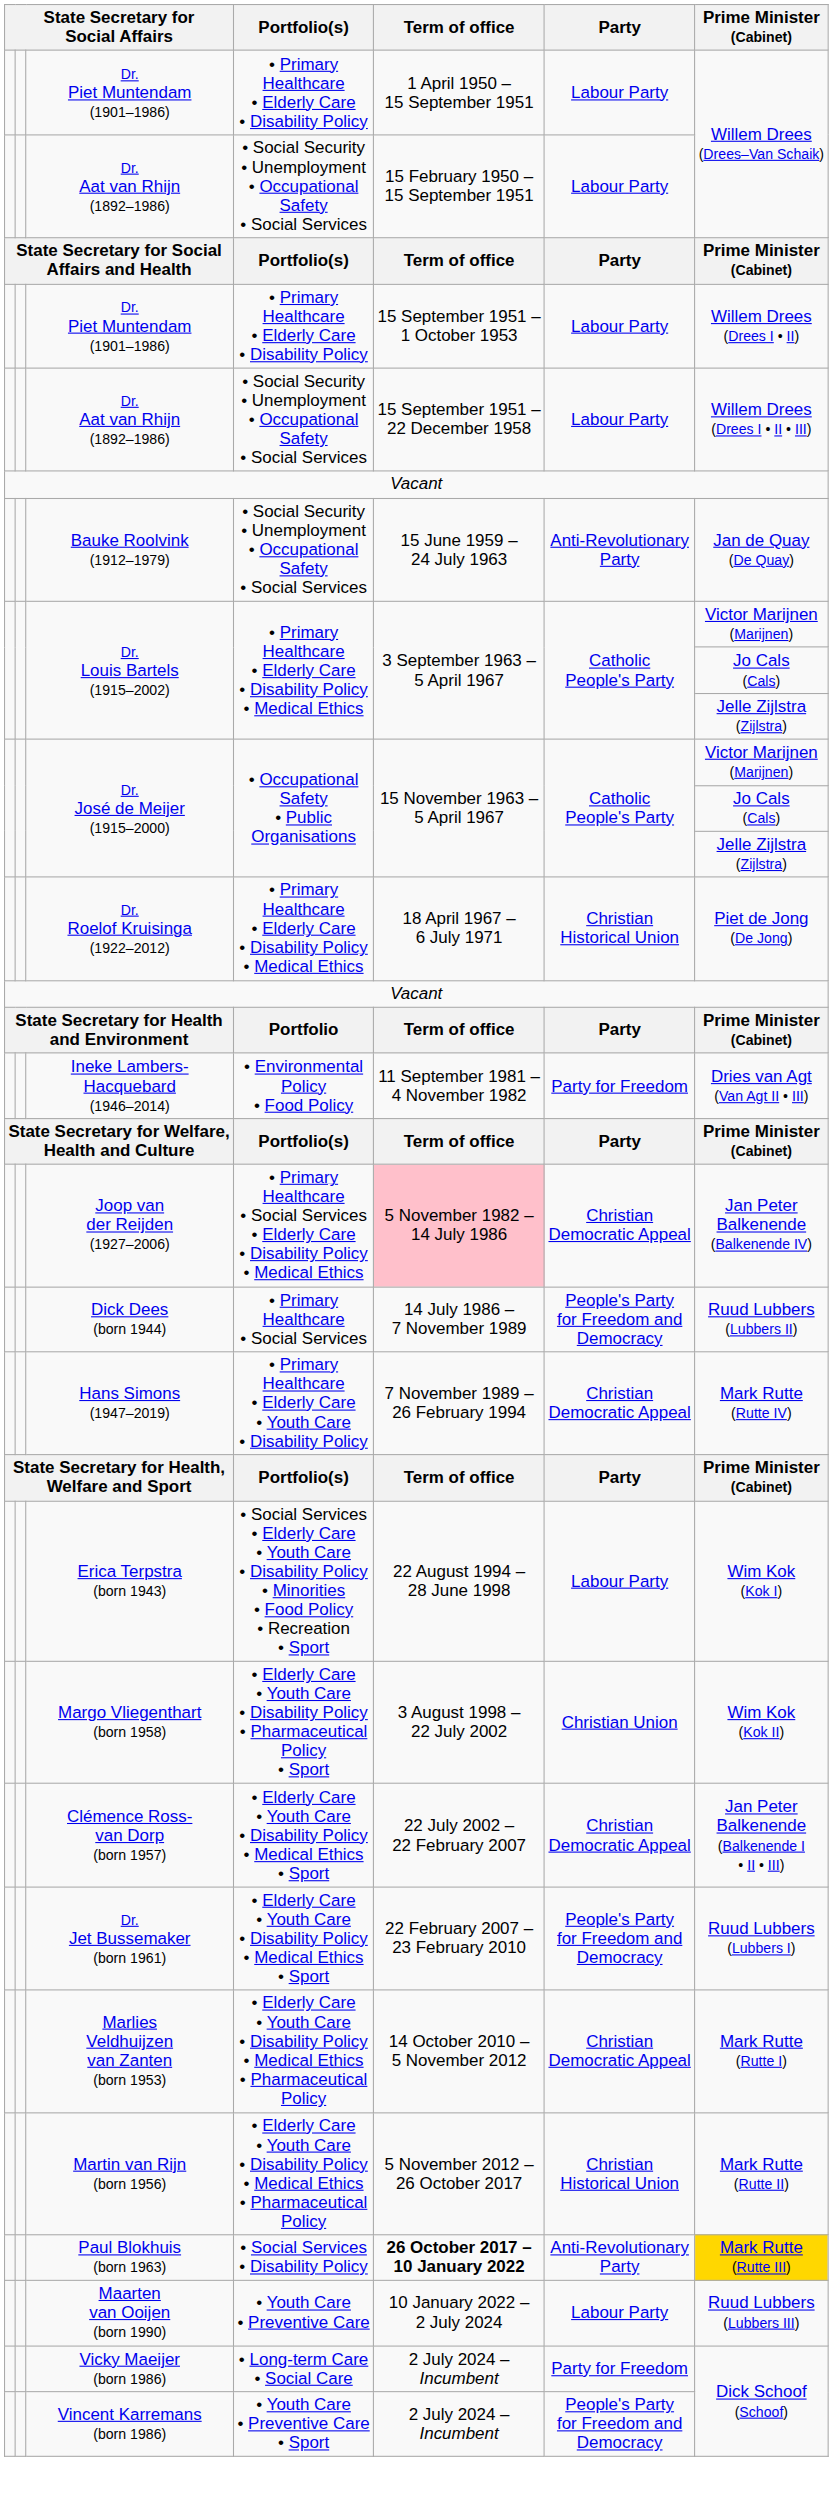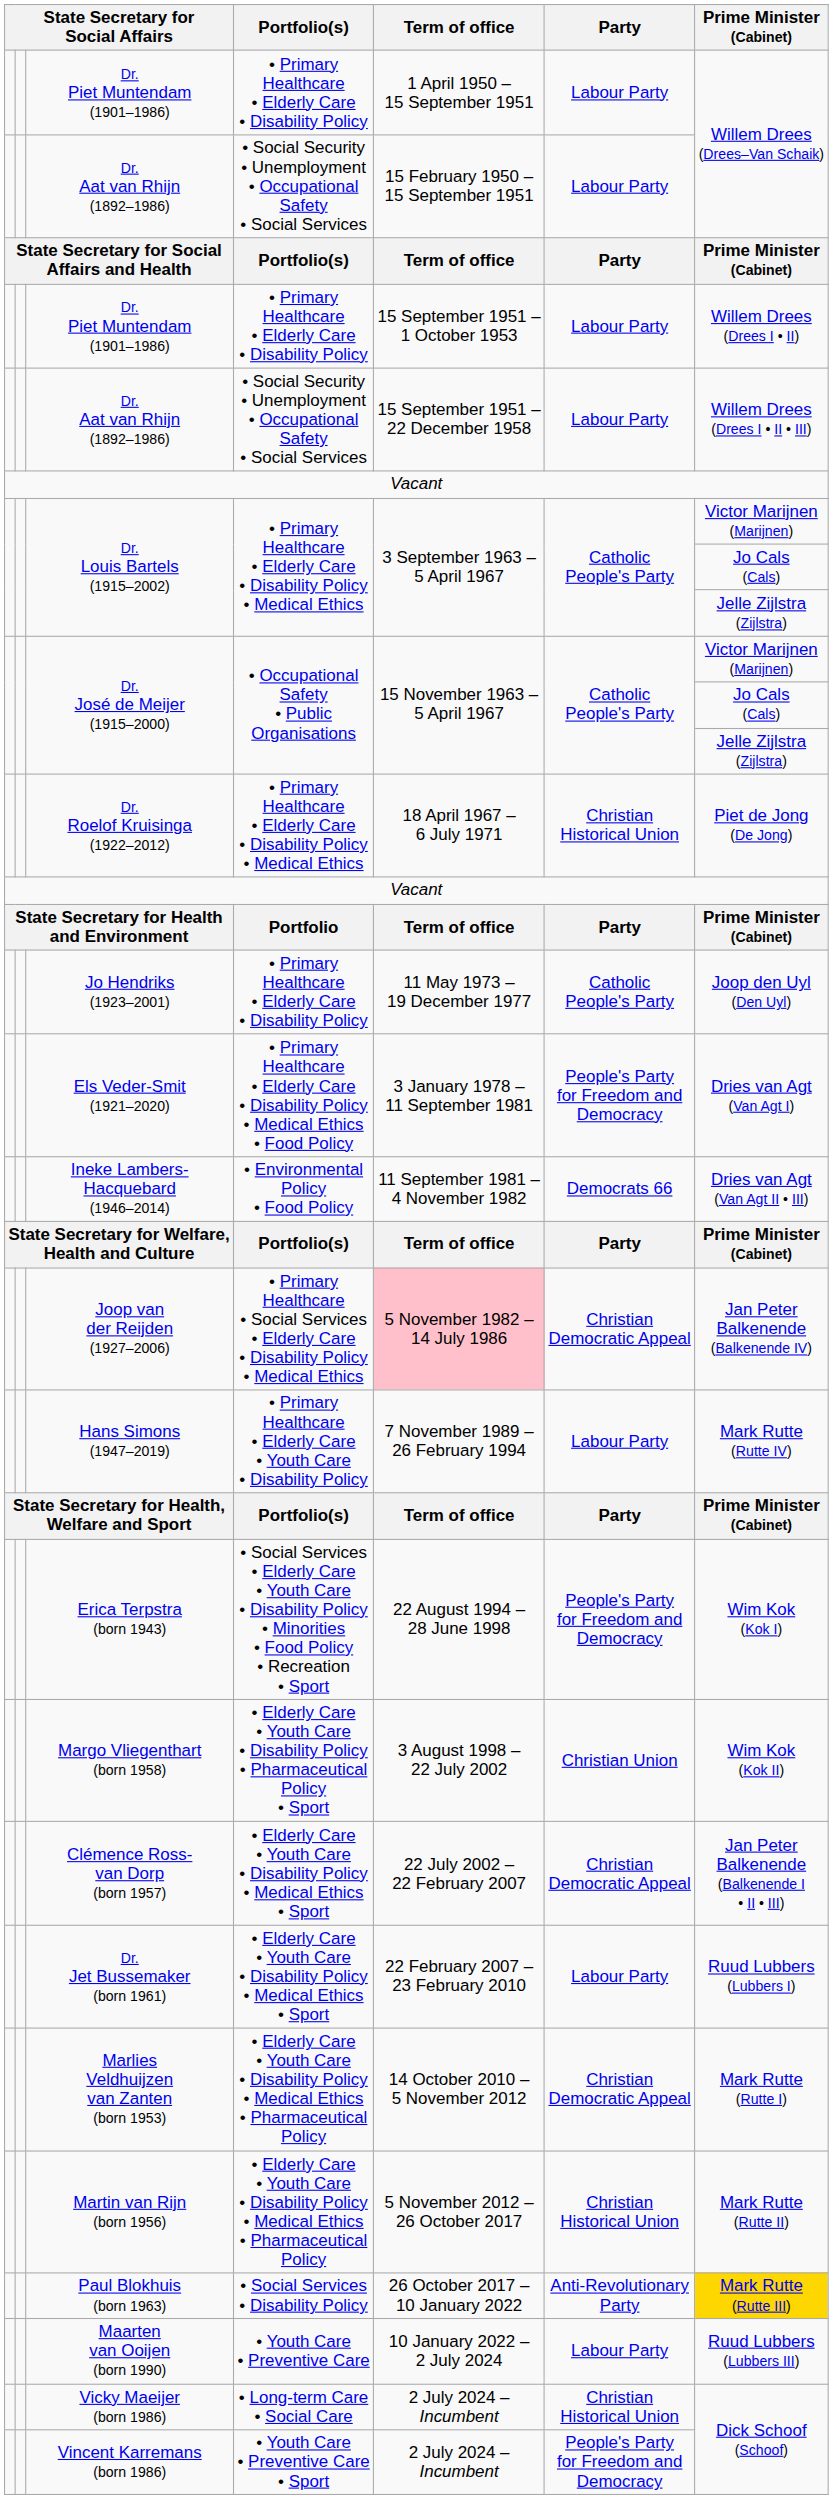 <table class="wikitable" style="text-align:center">
 <tr>
 <th colspan=3>State Secretary for <br> Social Affairs</th>
 <th>Portfolio(s)</th>
 <th>Term of office</th>
 <th>Party</th>
 <th>Prime Minister <br> <small>(Cabinet)</small></th>
 </tr>
 <tr>
 <td style="background:"></td>
 <td></td>
 <td><small><a href='#'>Dr.</a></small> <br> <a href='#'>Piet Muntendam</a> <br> <small>(1901–1986)</small></td>
 <td>• <a href='#'>Primary <br> Healthcare</a> <br> • <a href='#'>Elderly Care</a> <br> • <a href='#'>Disability Policy</a></td>
 <td>1 April 1950 – <br> 15 September 1951</td>
 <td><a href='#'>Labour Party</a></td>
 <td rowspan=2><a href='#'>Willem Drees</a> <br> <small>(<a href='#'>Drees–Van Schaik</a>)</small> <br></td>
 </tr>
 <tr>
 <td style="background:"></td>
 <td></td>
 <td><small><a href='#'>Dr.</a></small> <br> <a href='#'>Aat van Rhijn</a> <br> <small>(1892–1986)</small></td>
 <td>• Social Security <br> • Unemployment <br> • <a href='#'>Occupational <br> Safety</a> <br> • Social Services</td>
 <td>15 February 1950 – <br> 15 September 1951</td>
 <td><a href='#'>Labour Party</a></td>
 </tr>
 <tr>
 <th colspan=3>State Secretary for Social <br> Affairs and Health</th>
 <th>Portfolio(s)</th>
 <th>Term of office</th>
 <th>Party</th>
 <th>Prime Minister <br> <small>(Cabinet)</small></th>
 </tr>
 <tr>
 <td style="background:"></td>
 <td></td>
 <td><small><a href='#'>Dr.</a></small> <br> <a href='#'>Piet Muntendam</a> <br> <small>(1901–1986)</small></td>
 <td>• <a href='#'>Primary <br> Healthcare</a> <br> • <a href='#'>Elderly Care</a> <br> • <a href='#'>Disability Policy</a></td>
 <td>15 September 1951 – <br> 1 October 1953 <br> </td>
 <td><a href='#'>Labour Party</a></td>
 <td><a href='#'>Willem Drees</a> <br> <small>(<a href='#'>Drees I</a> • <a href='#'>II</a>) <br></small></td>
 </tr>
 <tr>
 <td style="background:"></td>
 <td></td>
 <td><small><a href='#'>Dr.</a></small> <br> <a href='#'>Aat van Rhijn</a> <br> <small>(1892–1986)</small></td>
 <td>• Social Security <br> • Unemployment <br> • <a href='#'>Occupational <br> Safety</a> <br> • Social Services</td>
 <td>15 September 1951 – <br> 22 December 1958</td>
 <td><a href='#'>Labour Party</a></td>
 <td><a href='#'>Willem Drees</a> <br> <small>(<a href='#'>Drees I</a> • <a href='#'>II</a> • <a href='#'>III</a>)</small> <br></td>
 </tr>
 <tr>
 <td colspan=7><em>Vacant</em></td>
 </tr>
 <tr>
-<td style="background:"></td>
-<td></td>
-<td><a href='#'>Bauke Roolvink</a> <br> <small>(1912–1979)</small></td>
-<td>• Social Security <br> • Unemployment <br> • <a href='#'>Occupational <br> Safety</a> <br> • Social Services</td>
-<td>15 June 1959 – <br> 24 July 1963</td>
-<td><a href='#'>Anti-Revolutionary <br> Party</a></td>
-<td><a href='#'>Jan de Quay</a> <br> <small>(<a href='#'>De Quay</a>)</small> <br></td>
-</tr>
-<tr>
 <td rowspan=3 style="background:"></td>
 <td rowspan=3></td>
 <td rowspan=3><small><a href='#'>Dr.</a></small> <br> <a href='#'>Louis Bartels</a> <br> <small>(1915–2002)</small></td>
 <td rowspan=3>• <a href='#'>Primary <br> Healthcare</a> <br> • <a href='#'>Elderly Care</a> <br> • <a href='#'>Disability Policy</a> <br> • <a href='#'>Medical Ethics</a></td>
 <td rowspan=3>3 September 1963 – <br> 5 April 1967</td>
 <td rowspan=3><a href='#'>Catholic <br> People's Party</a></td>
 <td><a href='#'>Victor Marijnen</a> <br> <small>(<a href='#'>Marijnen</a>)</small> <br></td>
 </tr>
 <tr>
 <td><a href='#'>Jo Cals</a> <br> <small>(<a href='#'>Cals</a>)</small> <br></td>
 </tr>
 <tr>
 <td><a href='#'>Jelle Zijlstra</a> <br> <small>(<a href='#'>Zijlstra</a>)</small> <br></td>
 </tr>
 <tr>
 <td rowspan=3 style="background:"></td>
 <td rowspan=3></td>
 <td rowspan=3><small><a href='#'>Dr.</a></small> <br> <a href='#'>José de Meijer</a> <br> <small>(1915–2000)</small></td>
 <td rowspan=3>• <a href='#'>Occupational <br> Safety</a> <br> • <a href='#'>Public <br> Organisations</a></td>
 <td rowspan=3>15 November 1963 – <br> 5 April 1967</td>
 <td rowspan=3><a href='#'>Catholic <br> People's Party</a></td>
 <td><a href='#'>Victor Marijnen</a> <br> <small>(<a href='#'>Marijnen</a>)</small> <br></td>
 </tr>
 <tr>
 <td><a href='#'>Jo Cals</a> <br> <small>(<a href='#'>Cals</a>)</small> <br></td>
 </tr>
 <tr>
 <td><a href='#'>Jelle Zijlstra</a> <br> <small>(<a href='#'>Zijlstra</a>)</small> <br></td>
 </tr>
 <tr>
 <td style="background:"></td>
 <td></td>
 <td><small><a href='#'>Dr.</a></small> <br> <a href='#'>Roelof Kruisinga</a> <br> <small>(1922–2012)</small></td>
 <td>• <a href='#'>Primary <br> Healthcare</a> <br> • <a href='#'>Elderly Care</a> <br> • <a href='#'>Disability Policy</a> <br> • <a href='#'>Medical Ethics</a></td>
 <td>18 April 1967 – <br> 6 July 1971</td>
 <td><a href='#'>Christian <br> Historical Union</a></td>
 <td><a href='#'>Piet de Jong</a> <br> <small>(<a href='#'>De Jong</a>)</small> <br></td>
 </tr>
 <tr>
 <td colspan=7><em>Vacant</em></td>
 </tr>
 <tr>
 <th colspan=3>State Secretary for Health <br> and Environment</th>
 <th>Portfolio</th>
 <th>Term of office</th>
 <th>Party</th>
 <th>Prime Minister <br> <small>(Cabinet)</small></th>
 </tr>
 <tr>
 <td style="background:"></td>
 <td></td>
+<td><a href='#'>Jo Hendriks</a> <br> <small>(1923–2001)</small></td>
+<td>• <a href='#'>Primary <br> Healthcare</a> <br> • <a href='#'>Elderly Care</a> <br> • <a href='#'>Disability Policy</a></td>
+<td>11 May 1973 – <br> 19 December 1977</td>
+<td><a href='#'>Catholic <br> People's Party</a></td>
+<td><a href='#'>Joop den Uyl</a> <br> <small>(<a href='#'>Den Uyl</a>)</small> <br></td>
+</tr>
+<tr>
+<td style="background:"></td>
+<td></td>
+<td><a href='#'>Els Veder-Smit</a> <br> <small>(1921–2020)</small></td>
+<td>• <a href='#'>Primary <br> Healthcare</a> <br> • <a href='#'>Elderly Care</a> <br> • <a href='#'>Disability Policy</a> <br> • <a href='#'>Medical Ethics</a> <br> • <a href='#'>Food Policy</a></td>
+<td>3 January 1978 – <br> 11 September 1981</td>
+<td><a href='#'>People's Party <br> for Freedom and <br> Democracy</a></td>
+<td><a href='#'>Dries van Agt</a> <br> <small>(<a href='#'>Van Agt I</a>)</small> <br></td>
+</tr>
+<tr>
+<td style="background:"></td>
+<td></td>
 <td><a href='#'>Ineke Lambers-<br>Hacquebard</a> <br> <small>(1946–2014)</small></td>
 <td>• <a href='#'>Environmental <br> Policy</a> <br> • <a href='#'>Food Policy</a></td>
 <td>11 September 1981 – <br> 4 November 1982</td>
-<td><a href='#'>Party for Freedom</a></td>
+<td><a href='#'>Democrats 66</a></td>
 <td><a href='#'>Dries van Agt</a> <br> <small>(<a href='#'>Van Agt II</a> • <a href='#'>III</a>)</small> <br></td>
 </tr>
 <tr>
 <th colspan=3>State Secretary for Welfare, <br> Health and Culture</th>
 <th>Portfolio(s)</th>
 <th>Term of office</th>
 <th>Party</th>
 <th>Prime Minister <br> <small>(Cabinet)</small></th>
 </tr>
 <tr>
 <td style="background:"></td>
 <td></td>
 <td><a href='#'>Joop van <br> der Reijden</a> <br> <small>(1927–2006)</small></td>
 <td>• <a href='#'>Primary <br> Healthcare</a> <br> • Social Services <br> • <a href='#'>Elderly Care</a> <br> • <a href='#'>Disability Policy</a> <br> • <a href='#'>Medical Ethics</a></td>
 <td style="background: pink;">5 November 1982 – <br> 14 July 1986</td>
 <td><a href='#'>Christian <br> Democratic Appeal</a></td>
 <td><a href='#'>Jan Peter <br> Balkenende</a> <br> <small>(<a href='#'>Balkenende IV</a>)</small> <br></td>
 </tr>
 <tr>
 <td style="background:"></td>
 <td></td>
-<td><a href='#'>Dick Dees</a> <br> <small>(born 1944)</small></td>
-<td>• <a href='#'>Primary <br> Healthcare</a> <br> • Social Services</td>
-<td>14 July 1986 – <br> 7 November 1989</td>
-<td><a href='#'>People's Party <br> for Freedom and <br> Democracy</a></td>
-<td><a href='#'>Ruud Lubbers</a> <br> <small>(<a href='#'>Lubbers II</a>)</small> <br></td>
-</tr>
-<tr>
-<td style="background:"></td>
-<td></td>
 <td><a href='#'>Hans Simons</a> <br> <small>(1947–2019)</small></td>
 <td>• <a href='#'>Primary <br> Healthcare</a> <br> • <a href='#'>Elderly Care</a> <br> • <a href='#'>Youth Care</a> <br> • <a href='#'>Disability Policy</a></td>
 <td>7 November 1989 – <br> 26 February 1994 <br> </td>
-<td><a href='#'>Christian <br> Democratic Appeal</a></td>
+<td><a href='#'>Labour Party</a></td>
 <td><a href='#'>Mark Rutte</a> <br> <small>(<a href='#'>Rutte IV</a>)</small> <br></td>
 </tr>
 <tr>
 <th colspan=3>State Secretary for Health, <br> Welfare and Sport</th>
 <th>Portfolio(s)</th>
 <th>Term of office</th>
 <th>Party</th>
 <th>Prime Minister <br> <small>(Cabinet)</small></th>
 </tr>
 <tr>
 <td style="background:"></td>
 <td></td>
 <td><a href='#'>Erica Terpstra</a> <br> <small>(born 1943)</small></td>
 <td>• Social Services <br> • <a href='#'>Elderly Care</a> <br> • <a href='#'>Youth Care</a> <br> • <a href='#'>Disability Policy</a> <br> • <a href='#'>Minorities</a> <br> • <a href='#'>Food Policy</a> <br> • Recreation <br> • <a href='#'>Sport</a></td>
 <td>22 August 1994 – <br> 28 June 1998</td>
-<td><a href='#'>Labour Party</a></td>
+<td><a href='#'>People's Party <br> for Freedom and <br> Democracy</a></td>
 <td><a href='#'>Wim Kok</a> <br> <small>(<a href='#'>Kok I</a>)</small> <br></td>
 </tr>
 <tr>
 <td style="background:"></td>
 <td></td>
 <td><a href='#'>Margo Vliegenthart</a> <br> <small>(born 1958)</small></td>
 <td>• <a href='#'>Elderly Care</a> <br> • <a href='#'>Youth Care</a> <br> • <a href='#'>Disability Policy</a> <br> • <a href='#'>Pharmaceutical <br> Policy</a> <br> • <a href='#'>Sport</a></td>
 <td>3 August 1998 – <br> 22 July 2002</td>
 <td><a href='#'>Christian Union</a></td>
 <td><a href='#'>Wim Kok</a> <br> <small>(<a href='#'>Kok II</a>)</small> <br></td>
 </tr>
 <tr>
 <td style="background:"></td>
 <td></td>
 <td><a href='#'>Clémence Ross-<br>van Dorp</a> <br> <small>(born 1957)</small></td>
 <td>• <a href='#'>Elderly Care</a> <br> • <a href='#'>Youth Care</a> <br> • <a href='#'>Disability Policy</a> <br> • <a href='#'>Medical Ethics</a> <br> • <a href='#'>Sport</a></td>
 <td>22 July 2002 – <br> 22 February 2007</td>
 <td><a href='#'>Christian <br> Democratic Appeal</a></td>
 <td><a href='#'>Jan Peter <br> Balkenende</a> <br> <small>(<a href='#'>Balkenende I</a> <br> • <a href='#'>II</a> • <a href='#'>III</a>)</small> <br></td>
 </tr>
 <tr>
 <td style="background:"></td>
 <td></td>
 <td><small><a href='#'>Dr.</a></small> <br> <a href='#'>Jet Bussemaker</a> <br> <small>(born 1961)</small></td>
 <td>• <a href='#'>Elderly Care</a> <br> • <a href='#'>Youth Care</a> <br> • <a href='#'>Disability Policy</a> <br> • <a href='#'>Medical Ethics</a> <br> • <a href='#'>Sport</a></td>
 <td>22 February 2007 – <br> 23 February 2010 <br> </td>
-<td><a href='#'>People's Party <br> for Freedom and <br> Democracy</a></td>
+<td><a href='#'>Labour Party</a></td>
 <td><a href='#'>Ruud Lubbers</a> <br> <small>(<a href='#'>Lubbers I</a>)</small> <br></td>
 </tr>
 <tr>
 <td style="background:"></td>
 <td></td>
 <td><a href='#'>Marlies <br> Veldhuijzen <br> van Zanten</a> <br> <small>(born 1953)</small></td>
 <td>• <a href='#'>Elderly Care</a> <br> • <a href='#'>Youth Care</a> <br> • <a href='#'>Disability Policy</a> <br> • <a href='#'>Medical Ethics</a> <br> • <a href='#'>Pharmaceutical <br> Policy</a></td>
 <td>14 October 2010 – <br> 5 November 2012</td>
 <td><a href='#'>Christian <br> Democratic Appeal</a></td>
 <td><a href='#'>Mark Rutte</a> <br> <small>(<a href='#'>Rutte I</a>)</small> <br></td>
 </tr>
 <tr>
 <td style="background:"></td>
 <td></td>
 <td><a href='#'>Martin van Rijn</a> <br> <small>(born 1956)</small></td>
 <td>• <a href='#'>Elderly Care</a> <br> • <a href='#'>Youth Care</a> <br> • <a href='#'>Disability Policy</a> <br> • <a href='#'>Medical Ethics</a> <br> • <a href='#'>Pharmaceutical <br> Policy</a></td>
 <td>5 November 2012 – <br> 26 October 2017</td>
 <td><a href='#'>Christian <br> Historical Union</a></td>
 <td><a href='#'>Mark Rutte</a> <br> <small>(<a href='#'>Rutte II</a>)</small> <br></td>
 </tr>
 <tr>
 <td style="background:"></td>
 <td></td>
 <td><a href='#'>Paul Blokhuis</a> <br> <small>(born 1963)</small></td>
 <td>• <a href='#'>Social Services</a> <br> • <a href='#'>Disability Policy</a></td>
-<td><strong>26 October 2017 – <br> 10 January 2022</strong></td>
+<td>26 October 2017 – <br> 10 January 2022</td>
 <td><a href='#'>Anti-Revolutionary <br> Party</a></td>
 <td style="background: gold;"><a href='#'>Mark Rutte</a> <br> <small>(<a href='#'>Rutte III</a>)</small> <br></td>
 </tr>
 <tr>
 <td style="background:"></td>
 <td></td>
 <td><a href='#'>Maarten <br> van Ooijen</a> <br> <small>(born 1990)</small></td>
 <td>• <a href='#'>Youth Care</a> <br> • <a href='#'>Preventive Care</a></td>
 <td>10 January 2022 – <br> 2 July 2024</td>
 <td><a href='#'>Labour Party</a></td>
 <td><a href='#'>Ruud Lubbers</a> <br> <small>(<a href='#'>Lubbers III</a>)</small> <br></td>
 </tr>
 <tr>
 <td style="background:"></td>
 <td></td>
 <td><a href='#'>Vicky Maeijer</a> <br> <small>(born 1986)</small></td>
 <td>• <a href='#'>Long-term Care</a> <br> • <a href='#'>Social Care</a></td>
 <td>2 July 2024 – <br> <em>Incumbent</em></td>
-<td><a href='#'>Party for Freedom</a></td>
+<td><a href='#'>Christian <br> Historical Union</a></td>
 <td rowspan=2><a href='#'>Dick Schoof</a> <br> <small>(<a href='#'>Schoof</a>)</small> <br></td>
 </tr>
 <tr>
 <td style="background:"></td>
 <td></td>
 <td><a href='#'>Vincent Karremans</a> <br> <small>(born 1986)</small></td>
 <td>• <a href='#'>Youth Care</a> <br> • <a href='#'>Preventive Care</a> <br> • <a href='#'>Sport</a></td>
 <td>2 July 2024 – <br> <em>Incumbent</em></td>
 <td><a href='#'>People's Party <br> for Freedom and <br> Democracy</a></td>
 </tr>
 </table>
